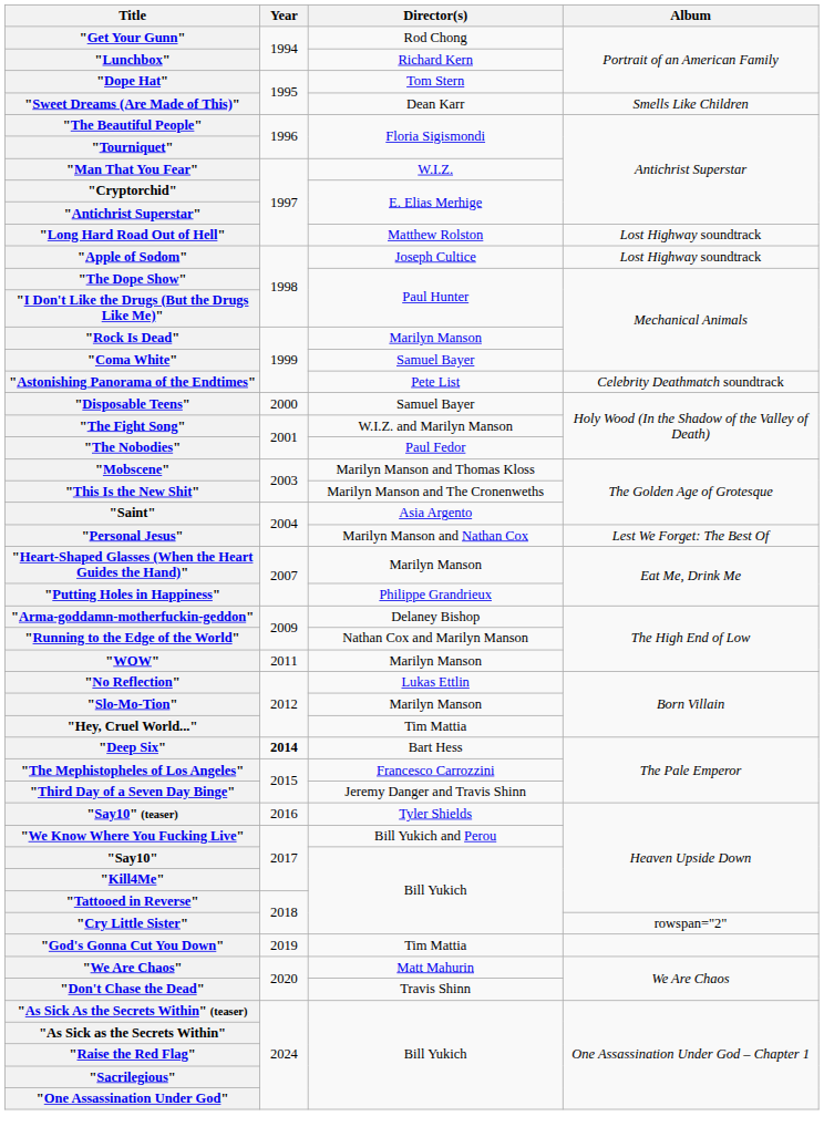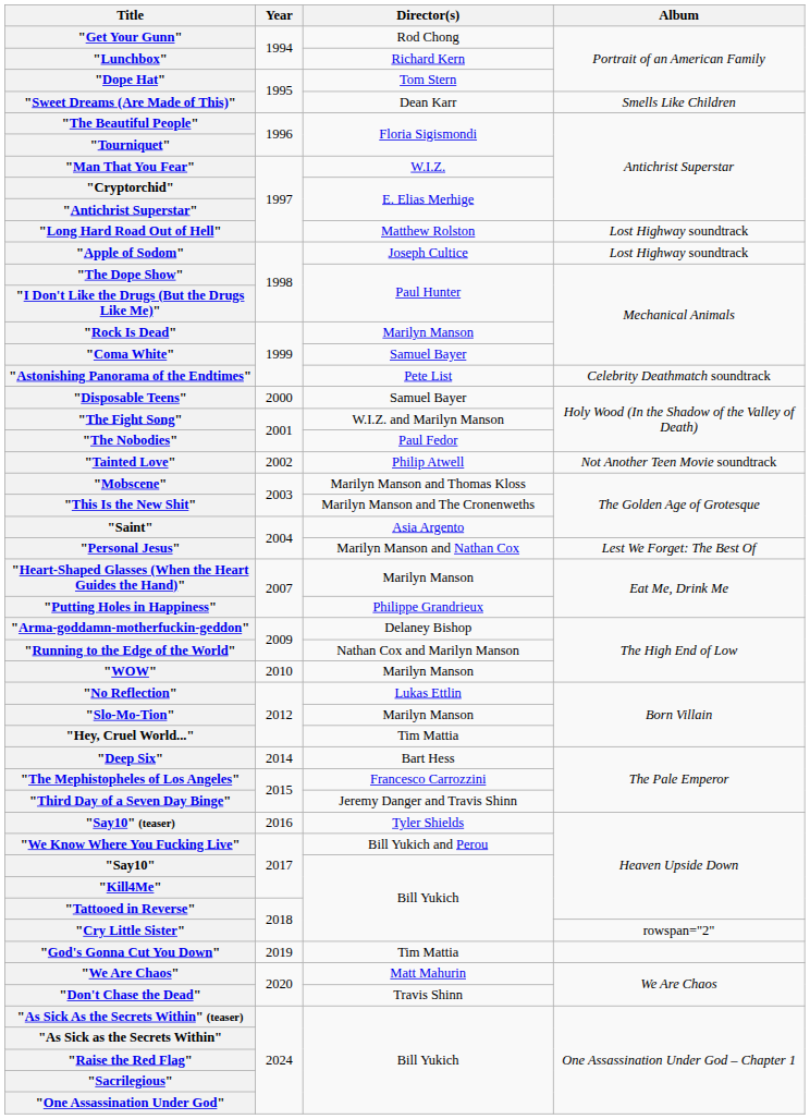 <table class="wikitable plainrowheaders" style="text-align:center; border:1">
 <tr>
 <th scope="col" style="width:18em;">Title</th>
 <th scope="col" style="width:3em;">Year</th>
 <th scope="col" style="width:18em;">Director(s)</th>
 <th scope="col" style="width:18em;">Album</th>
 </tr>
 <tr>
 <th scope="row">"<a href='#'>Get Your Gunn</a>"</th>
 <td rowspan="2">1994</td>
 <td>Rod Chong</td>
 <td rowspan="3"><em>Portrait of an American Family</em></td>
 </tr>
 <tr>
 <th scope="row">"<a href='#'>Lunchbox</a>"</th>
 <td><a href='#'>Richard Kern</a></td>
 </tr>
 <tr>
 <th scope="row">"<a href='#'>Dope Hat</a>"</th>
 <td rowspan="2">1995</td>
 <td><a href='#'>Tom Stern</a></td>
 </tr>
 <tr>
 <th scope="row">"<a href='#'>Sweet Dreams (Are Made of This)</a>"</th>
 <td>Dean Karr</td>
 <td><em>Smells Like Children</em></td>
 </tr>
 <tr>
 <th scope="row">"<a href='#'>The Beautiful People</a>"</th>
 <td rowspan="2">1996</td>
 <td rowspan="2"><a href='#'>Floria Sigismondi</a></td>
 <td rowspan="5"><em>Antichrist Superstar</em></td>
 </tr>
 <tr>
 <th scope="row">"<a href='#'>Tourniquet</a>"</th>
 </tr>
 <tr>
 <th scope="row">"<a href='#'>Man That You Fear</a>"</th>
 <td rowspan="4">1997</td>
 <td><a href='#'>W.I.Z.</a></td>
 </tr>
 <tr>
 <th scope="row">"Cryptorchid"</th>
 <td rowspan="2"><a href='#'>E. Elias Merhige</a></td>
 </tr>
 <tr>
 <th scope="row">"<a href='#'>Antichrist Superstar</a>"</th>
 </tr>
 <tr>
 <th scope="row">"<a href='#'>Long Hard Road Out of Hell</a>"</th>
 <td><a href='#'>Matthew Rolston</a></td>
 <td><em>Lost Highway</em> soundtrack</td>
 </tr>
 <tr>
 <th scope="row">"<a href='#'>Apple of Sodom</a>"</th>
 <td rowspan="3">1998</td>
 <td><a href='#'>Joseph Cultice</a></td>
 <td><em>Lost Highway</em> soundtrack</td>
 </tr>
 <tr>
 <th scope="row">"<a href='#'>The Dope Show</a>"</th>
 <td rowspan="2"><a href='#'>Paul Hunter</a></td>
 <td rowspan="4"><em>Mechanical Animals</em></td>
 </tr>
 <tr>
 <th scope="row">"<a href='#'>I Don't Like the Drugs (But the Drugs Like Me)</a>"</th>
 </tr>
 <tr>
 <th scope="row">"<a href='#'>Rock Is Dead</a>"</th>
 <td rowspan="3">1999</td>
 <td><a href='#'>Marilyn Manson</a></td>
 </tr>
 <tr>
 <th scope="row">"<a href='#'>Coma White</a>"</th>
 <td><a href='#'>Samuel Bayer</a></td>
 </tr>
 <tr>
 <th scope="row">"<a href='#'>Astonishing Panorama of the Endtimes</a>"</th>
 <td><a href='#'>Pete List</a></td>
 <td><em>Celebrity Deathmatch</em> soundtrack</td>
 </tr>
 <tr>
 <th scope="row">"<a href='#'>Disposable Teens</a>"</th>
 <td>2000</td>
 <td>Samuel Bayer</td>
 <td rowspan="3"><em>Holy Wood (In the Shadow of the Valley of Death)</em></td>
 </tr>
 <tr>
 <th scope="row">"<a href='#'>The Fight Song</a>"</th>
 <td rowspan="2">2001</td>
 <td>W.I.Z. and Marilyn Manson</td>
 </tr>
 <tr>
 <th scope="row">"<a href='#'>The Nobodies</a>"</th>
 <td><a href='#'>Paul Fedor</a></td>
 </tr>
 <tr>
+<th scope="row">"<a href='#'>Tainted Love</a>"</th>
+<td>2002</td>
+<td><a href='#'>Philip Atwell</a></td>
+<td><em>Not Another Teen Movie</em> soundtrack</td>
+</tr>
+<tr>
 <th scope="row">"<a href='#'>Mobscene</a>"</th>
 <td rowspan="2">2003</td>
 <td>Marilyn Manson and Thomas Kloss</td>
 <td rowspan="3"><em>The Golden Age of Grotesque</em></td>
 </tr>
 <tr>
 <th scope="row">"<a href='#'>This Is the New Shit</a>"</th>
 <td>Marilyn Manson and The Cronenweths</td>
 </tr>
 <tr>
 <th scope="row">"Saint"</th>
 <td rowspan="2">2004</td>
 <td><a href='#'>Asia Argento</a></td>
 </tr>
 <tr>
 <th scope="row">"<a href='#'>Personal Jesus</a>"</th>
 <td>Marilyn Manson and <a href='#'>Nathan Cox</a></td>
 <td><em>Lest We Forget: The Best Of</em></td>
 </tr>
 <tr>
 <th scope="row">"<a href='#'>Heart-Shaped Glasses (When the Heart Guides the Hand)</a>"</th>
 <td rowspan="2">2007</td>
 <td>Marilyn Manson</td>
 <td rowspan="2"><em>Eat Me, Drink Me</em></td>
 </tr>
 <tr>
 <th scope="row">"<a href='#'>Putting Holes in Happiness</a>"</th>
 <td><a href='#'>Philippe Grandrieux</a></td>
 </tr>
 <tr>
 <th scope="row">"<a href='#'>Arma-goddamn-motherfuckin-geddon</a>"</th>
 <td rowspan="2">2009</td>
 <td>Delaney Bishop</td>
 <td rowspan="3"><em>The High End of Low</em></td>
 </tr>
 <tr>
 <th scope="row">"<a href='#'>Running to the Edge of the World</a>"</th>
 <td>Nathan Cox and Marilyn Manson</td>
 </tr>
 <tr>
 <th scope="row">"<a href='#'>WOW</a>"</th>
-<td>2011</td>
+<td>2010</td>
 <td>Marilyn Manson</td>
 </tr>
 <tr>
 <th scope="row">"<a href='#'>No Reflection</a>"</th>
 <td rowspan="3">2012</td>
 <td><a href='#'>Lukas Ettlin</a></td>
 <td rowspan="3"><em>Born Villain</em></td>
 </tr>
 <tr>
 <th scope="row">"<a href='#'>Slo-Mo-Tion</a>"</th>
 <td>Marilyn Manson</td>
 </tr>
 <tr>
 <th scope="row">"Hey, Cruel World..."</th>
 <td>Tim Mattia</td>
 </tr>
 <tr>
 <th scope="row">"<a href='#'>Deep Six</a>"</th>
-<td><strong>2014</strong></td>
+<td>2014</td>
 <td>Bart Hess</td>
 <td rowspan="3"><em>The Pale Emperor</em></td>
 </tr>
 <tr>
 <th scope="row">"<a href='#'>The Mephistopheles of Los Angeles</a>"</th>
 <td rowspan="2">2015</td>
 <td><a href='#'>Francesco Carrozzini</a></td>
 </tr>
 <tr>
 <th scope="row">"<a href='#'>Third Day of a Seven Day Binge</a>"</th>
 <td>Jeremy Danger and Travis Shinn</td>
 </tr>
 <tr>
 <th scope="row">"<a href='#'>Say10</a>" <small>(teaser)</small></th>
 <td>2016</td>
 <td><a href='#'>Tyler Shields</a></td>
 <td rowspan="5"><em>Heaven Upside Down</em></td>
 </tr>
 <tr>
 <th scope="row">"<a href='#'>We Know Where You Fucking Live</a>"</th>
 <td rowspan="3">2017</td>
 <td>Bill Yukich and <a href='#'>Perou</a></td>
 </tr>
 <tr>
 <th scope="row">"Say10"</th>
 <td rowspan="4">Bill Yukich</td>
 </tr>
 <tr>
 <th scope="row">"<a href='#'>Kill4Me</a>"</th>
 </tr>
 <tr>
 <th scope="row">"<a href='#'>Tattooed in Reverse</a>"</th>
 <td rowspan="2">2018</td>
 </tr>
 <tr>
 <th scope="row">"<a href='#'>Cry Little Sister</a>"</th>
 <td>rowspan="2" </td>
 </tr>
 <tr>
 <th scope="row">"<a href='#'>God's Gonna Cut You Down</a>"</th>
 <td>2019</td>
 <td>Tim Mattia</td>
 </tr>
 <tr>
 <th scope="row">"<a href='#'>We Are Chaos</a>"</th>
 <td rowspan="2">2020</td>
 <td><a href='#'>Matt Mahurin</a></td>
 <td rowspan="2"><em>We Are Chaos</em></td>
 </tr>
 <tr>
 <th scope="row">"<a href='#'>Don't Chase the Dead</a>"</th>
 <td>Travis Shinn</td>
 </tr>
 <tr>
 <th scope="row">"<a href='#'>As Sick As the Secrets Within</a>" <small>(teaser)</small></th>
 <td rowspan="5">2024</td>
 <td rowspan="5">Bill Yukich</td>
 <td rowspan="5"><em>One Assassination Under God – Chapter 1</em></td>
 </tr>
 <tr>
 <th scope="row">"As Sick as the Secrets Within"</th>
 </tr>
 <tr>
 <th scope="row">"<a href='#'>Raise the Red Flag</a>"</th>
 </tr>
 <tr>
 <th scope="row">"<a href='#'>Sacrilegious</a>"</th>
 </tr>
 <tr>
 <th scope="row">"<a href='#'>One Assassination Under God</a>"</th>
 </tr>
 </table>
